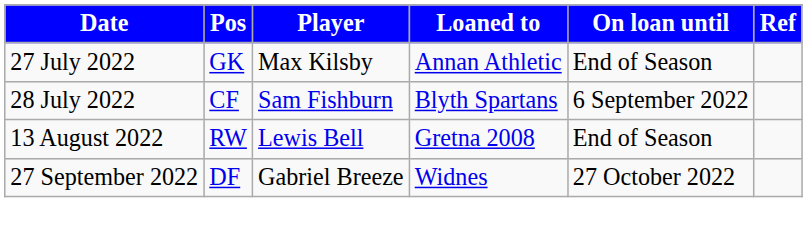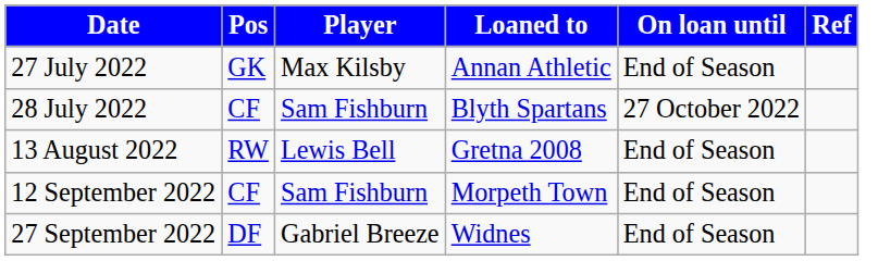 <table class="wikitable plainrowheaders sortable">
 <tr>
 <th style="background:#0000FF; color:#ffffff; ">Date</th>
 <th style="background:#0000FF; color:#ffffff; ">Pos</th>
 <th style="background:#0000FF; color:#ffffff; ">Player</th>
 <th style="background:#0000FF; color:#ffffff; ">Loaned to</th>
 <th style="background:#0000FF; color:#ffffff; ">On loan until</th>
 <th style="background:#0000FF; color:#ffffff; ">Ref</th>
 </tr>
 <tr>
 <td>27 July 2022</td>
 <td><a href='#'>GK</a></td>
 <td> Max Kilsby</td>
 <td> <a href='#'>Annan Athletic</a></td>
 <td>End of Season</td>
 <td></td>
 </tr>
 <tr>
 <td>28 July 2022</td>
 <td><a href='#'>CF</a></td>
 <td> <a href='#'>Sam Fishburn</a></td>
 <td> <a href='#'>Blyth Spartans</a></td>
-<td>6 September 2022</td>
+<td>27 October 2022</td>
 <td></td>
 </tr>
 <tr>
 <td>13 August 2022</td>
 <td><a href='#'>RW</a></td>
 <td> <a href='#'>Lewis Bell</a></td>
 <td> <a href='#'>Gretna 2008</a></td>
 <td>End of Season</td>
 <td></td>
 </tr>
 <tr>
+<td>12 September 2022</td>
+<td><a href='#'>CF</a></td>
+<td> <a href='#'>Sam Fishburn</a></td>
+<td> <a href='#'>Morpeth Town</a></td>
+<td>End of Season</td>
+<td></td>
+</tr>
+<tr>
 <td>27 September 2022</td>
 <td><a href='#'>DF</a></td>
 <td> Gabriel Breeze</td>
 <td> <a href='#'>Widnes</a></td>
-<td>27 October 2022</td>
+<td>End of Season</td>
 <td></td>
 </tr>
 </table>
